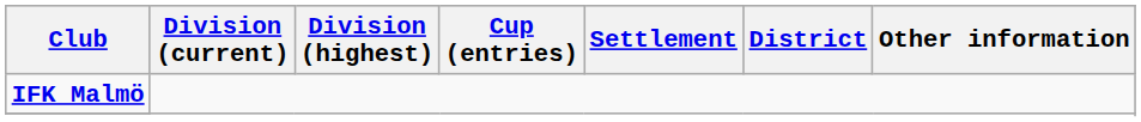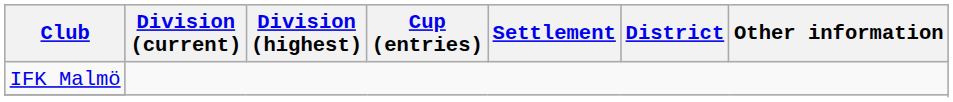 <table class="wikitable" style="text-align:left">
 <tr>
 <th style= width="180px"><a href='#'>Club</a></th>
 <th style= width="80px"><a href='#'>Division</a><br> (current)</th>
 <th style= width="80px"><a href='#'>Division</a><br> (highest)</th>
 <th style= width="60px"><a href='#'>Cup</a><br> (entries)</th>
 <th style= width="110px"><a href='#'>Settlement</a></th>
 <th style= width="110px"><a href='#'>District</a></th>
 <th style= width="230px">Other information</th>
 </tr>
 <tr>
-<td><strong><a href='#'>IFK Malmö</a></strong></td>
+<td><a href='#'>IFK Malmö</a></td>
 </tr>
 <tr>
 </tr>
 </table>
